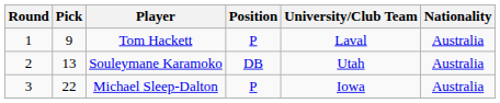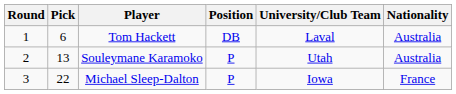 <table class="wikitable" style="font-size: 95%;">
 <tr>
 <th scope="col">Round</th>
 <th scope="col">Pick</th>
 <th scope="col">Player</th>
 <th scope="col">Position</th>
 <th scope="col">University/Club Team</th>
 <th scope="col">Nationality</th>
 </tr>
 <tr align="center">
 <td align=center>1</td>
-<td>9</td>
+<td>6</td>
 <td><a href='#'>Tom Hackett</a></td>
-<td><a href='#'>P</a></td>
+<td><a href='#'>DB</a></td>
 <td><a href='#'>Laval</a></td>
 <td> <a href='#'>Australia</a></td>
 </tr>
 <tr align="center">
 <td align=center>2</td>
 <td>13</td>
 <td><a href='#'>Souleymane Karamoko</a></td>
-<td><a href='#'>DB</a></td>
+<td><a href='#'>P</a></td>
 <td><a href='#'>Utah</a></td>
 <td> <a href='#'>Australia</a></td>
 </tr>
 <tr align="center">
 <td align=center>3</td>
 <td>22</td>
 <td><a href='#'>Michael Sleep-Dalton</a></td>
 <td><a href='#'>P</a></td>
 <td><a href='#'>Iowa</a></td>
-<td> <a href='#'>Australia</a></td>
+<td> <a href='#'>France</a></td>
 </tr>
 </table>
